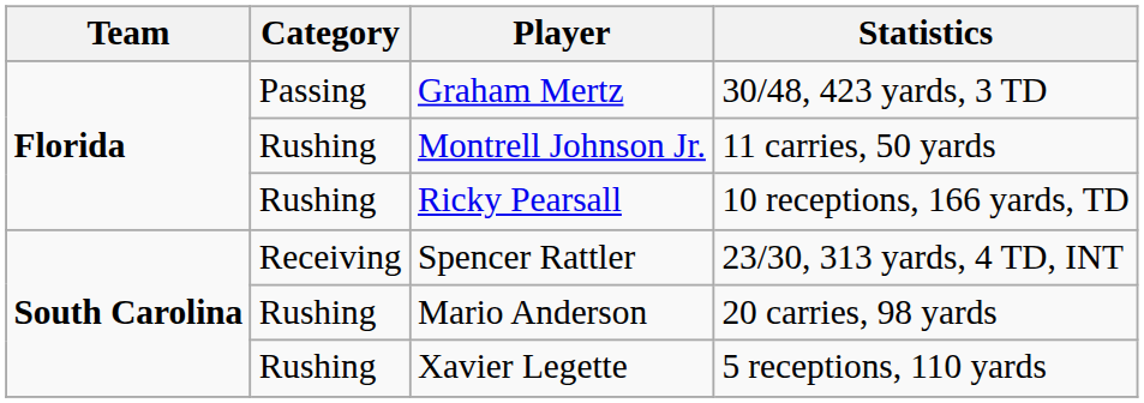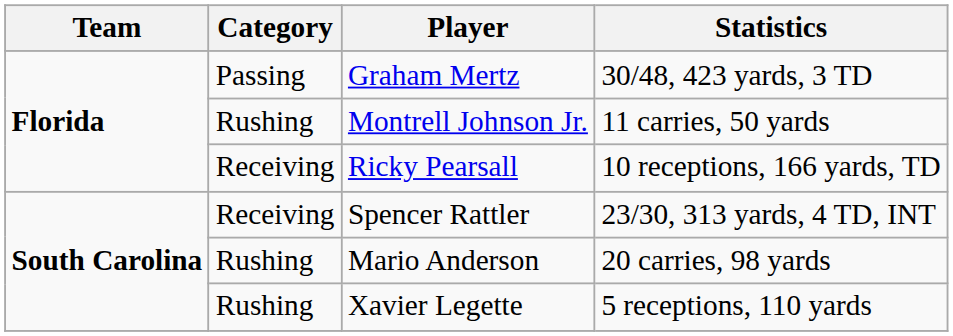 <table class="wikitable" style="float: right;">
 <tr>
 <th>Team</th>
 <th>Category</th>
 <th>Player</th>
 <th>Statistics</th>
 </tr>
 <tr>
 <td rowspan=3><strong>Florida</strong></td>
 <td>Passing</td>
 <td><a href='#'>Graham Mertz</a></td>
 <td>30/48, 423 yards, 3 TD</td>
 </tr>
 <tr>
 <td>Rushing</td>
 <td><a href='#'>Montrell Johnson Jr.</a></td>
 <td>11 carries, 50 yards</td>
 </tr>
 <tr>
-<td>Rushing</td>
+<td>Receiving</td>
 <td><a href='#'>Ricky Pearsall</a></td>
 <td>10 receptions, 166 yards, TD</td>
 </tr>
 <tr>
 <td rowspan=3><strong>South Carolina</strong></td>
 <td>Receiving</td>
 <td>Spencer Rattler</td>
 <td>23/30, 313 yards, 4 TD, INT</td>
 </tr>
 <tr>
 <td>Rushing</td>
 <td>Mario Anderson</td>
 <td>20 carries, 98 yards</td>
 </tr>
 <tr>
 <td>Rushing</td>
 <td>Xavier Legette</td>
 <td>5 receptions, 110 yards</td>
 </tr>
 </table>
